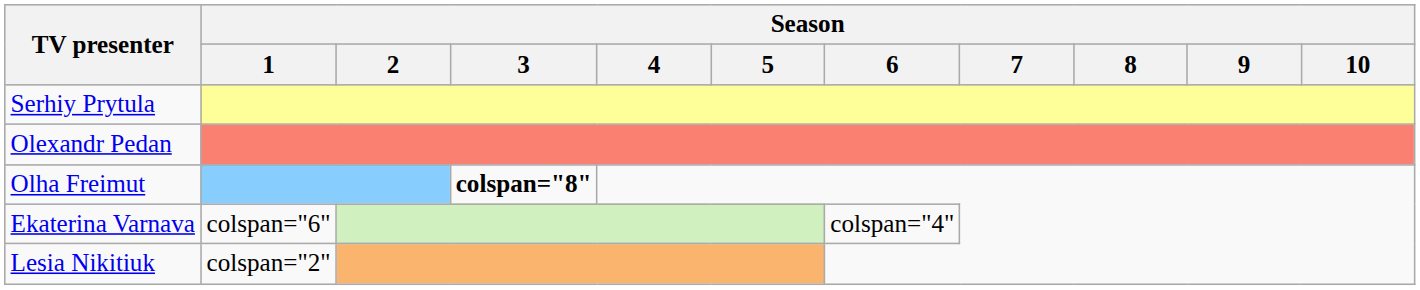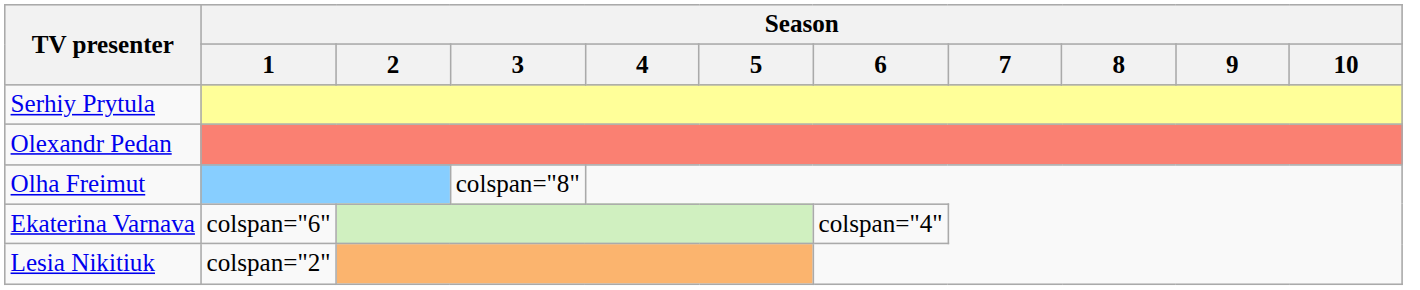 <table class="wikitable" width:"50%">
 <tr>
 <th rowspan="2">TV presenter</th>
 <th colspan="10">Season</th>
 </tr>
 <tr>
 <th ! width="65">1</th>
 <th ! width="65">2</th>
 <th ! width="65">3</th>
 <th ! width="65">4</th>
 <th ! width="65">5</th>
 <th ! width="65">6</th>
 <th ! width="65">7</th>
 <th ! width="65">8</th>
 <th ! width="65">9</th>
 <th ! width="65">10</th>
 </tr>
 <tr>
 <td><a href='#'>Serhiy Prytula</a></td>
 <td colspan="10" style="text-align: center; background:#ffff99;"></td>
 </tr>
 <tr>
 <td><a href='#'>Olexandr Pedan</a></td>
 <td colspan="10" style="text-align: center; background: #FA8072;"></td>
 </tr>
 <tr>
 <td><a href='#'>Olha Freimut</a></td>
 <td colspan="2" style="text-align: center; background:#87CEFF;"></td>
-<td><strong>colspan="8" </strong></td>
+<td>colspan="8" </td>
 </tr>
 <tr>
 <td><a href='#'>Ekaterina Varnava</a></td>
 <td>colspan="6" </td>
 <td colspan="4" style="text-align: center; background: #d0f0c0;"></td>
 <td>colspan="4" </td>
 </tr>
 <tr>
 <td><a href='#'>Lesia Nikitiuk</a></td>
 <td>colspan="2" </td>
 <td colspan="4" style="text-align: center; background: #fbb46e;"></td>
 </tr>
 </table>
